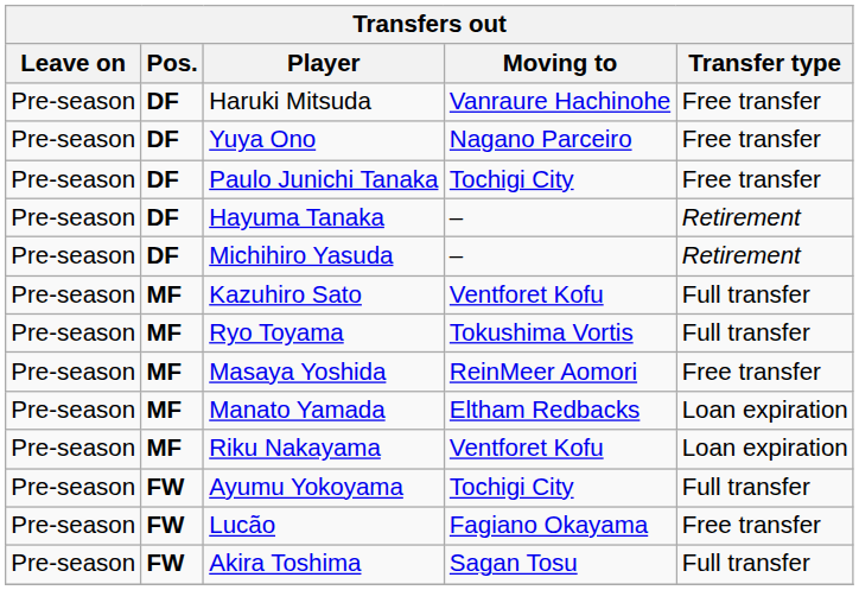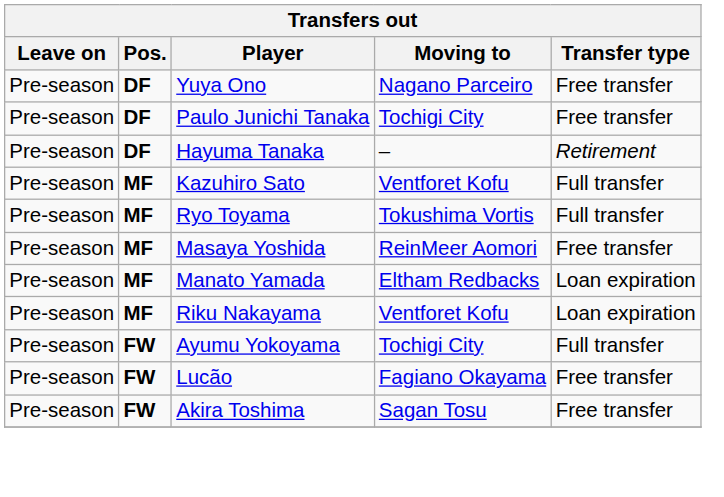 <table class="wikitable sortable" style=“text-align:left;>
 <tr>
 <th colspan="5">Transfers out</th>
 </tr>
 <tr>
 <th>Leave on</th>
 <th>Pos.</th>
 <th>Player</th>
 <th>Moving to</th>
 <th>Transfer type</th>
-</tr>
-<tr>
-<td>Pre-season</td>
-<td><strong>DF</strong></td>
-<td> Haruki Mitsuda</td>
-<td> <a href='#'>Vanraure Hachinohe</a></td>
-<td>Free transfer</td>
 </tr>
 <tr>
 <td>Pre-season</td>
 <td><strong>DF</strong></td>
 <td> <a href='#'>Yuya Ono</a></td>
 <td> <a href='#'>Nagano Parceiro</a></td>
 <td>Free transfer</td>
 </tr>
 <tr>
 <td>Pre-season</td>
 <td><strong>DF</strong></td>
 <td> <a href='#'>Paulo Junichi Tanaka</a></td>
 <td> <a href='#'>Tochigi City</a></td>
 <td>Free transfer</td>
 </tr>
 <tr>
 <td>Pre-season</td>
 <td><strong>DF</strong></td>
 <td> <a href='#'>Hayuma Tanaka</a></td>
-<td>–</td>
-<td><em>Retirement</em></td>
-</tr>
-<tr>
-<td>Pre-season</td>
-<td><strong>DF</strong></td>
-<td> <a href='#'>Michihiro Yasuda</a></td>
 <td>–</td>
 <td><em>Retirement</em></td>
 </tr>
 <tr>
 <td>Pre-season</td>
 <td><strong>MF</strong></td>
 <td> <a href='#'>Kazuhiro Sato</a></td>
 <td> <a href='#'>Ventforet Kofu</a></td>
 <td>Full transfer</td>
 </tr>
 <tr>
 <td>Pre-season</td>
 <td><strong>MF</strong></td>
 <td> <a href='#'>Ryo Toyama</a></td>
 <td> <a href='#'>Tokushima Vortis</a></td>
 <td>Full transfer</td>
 </tr>
 <tr>
 <td>Pre-season</td>
 <td><strong>MF</strong></td>
 <td> <a href='#'>Masaya Yoshida</a></td>
 <td> <a href='#'>ReinMeer Aomori</a></td>
 <td>Free transfer</td>
 </tr>
 <tr>
 <td>Pre-season</td>
 <td><strong>MF</strong></td>
 <td> <a href='#'>Manato Yamada</a></td>
 <td> <a href='#'>Eltham Redbacks</a></td>
 <td>Loan expiration</td>
 </tr>
 <tr>
 <td>Pre-season</td>
 <td><strong>MF</strong></td>
 <td> <a href='#'>Riku Nakayama</a></td>
 <td> <a href='#'>Ventforet Kofu</a></td>
 <td>Loan expiration</td>
 </tr>
 <tr>
 <td>Pre-season</td>
 <td><strong>FW</strong></td>
 <td> <a href='#'>Ayumu Yokoyama</a></td>
 <td> <a href='#'>Tochigi City</a></td>
 <td>Full transfer</td>
 </tr>
 <tr>
 <td>Pre-season</td>
 <td><strong>FW</strong></td>
 <td> <a href='#'>Lucão</a></td>
 <td> <a href='#'>Fagiano Okayama</a></td>
 <td>Free transfer</td>
 </tr>
 <tr>
 <td>Pre-season</td>
 <td><strong>FW</strong></td>
 <td> <a href='#'>Akira Toshima</a></td>
 <td> <a href='#'>Sagan Tosu</a></td>
-<td>Full transfer</td>
+<td>Free transfer</td>
 </tr>
 <tr>
 </tr>
 </table>
